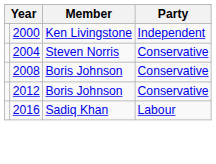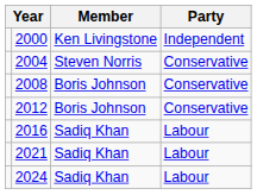 <table class="wikitable">
 <tr>
 <th colspan="2">Year</th>
 <th>Member</th>
 <th>Party</th>
 </tr>
 <tr>
 <td style="background-color: "></td>
 <td><a href='#'>2000</a></td>
 <td><a href='#'>Ken Livingstone</a></td>
 <td><a href='#'>Independent</a></td>
 </tr>
 <tr>
 <td style="background-color: "></td>
 <td><a href='#'>2004</a></td>
 <td><a href='#'>Steven Norris</a></td>
 <td><a href='#'>Conservative</a></td>
 </tr>
 <tr>
 <td style="background-color: "></td>
 <td><a href='#'>2008</a></td>
 <td><a href='#'>Boris Johnson</a></td>
 <td><a href='#'>Conservative</a></td>
 </tr>
 <tr>
 <td style="background-color: "></td>
 <td><a href='#'>2012</a></td>
 <td><a href='#'>Boris Johnson</a></td>
 <td><a href='#'>Conservative</a></td>
 </tr>
 <tr>
 <td style="background-color: "></td>
 <td><a href='#'>2016</a></td>
 <td><a href='#'>Sadiq Khan</a></td>
 <td><a href='#'>Labour</a></td>
 </tr>
+<tr>
+<td style="background-color: "></td>
+<td><a href='#'>2021</a></td>
+<td><a href='#'>Sadiq Khan</a></td>
+<td><a href='#'>Labour</a></td>
+</tr>
+<tr>
+<td style="background-color: "></td>
+<td><a href='#'>2024</a></td>
+<td><a href='#'>Sadiq Khan</a></td>
+<td><a href='#'>Labour</a></td>
+</tr>
 </table>
